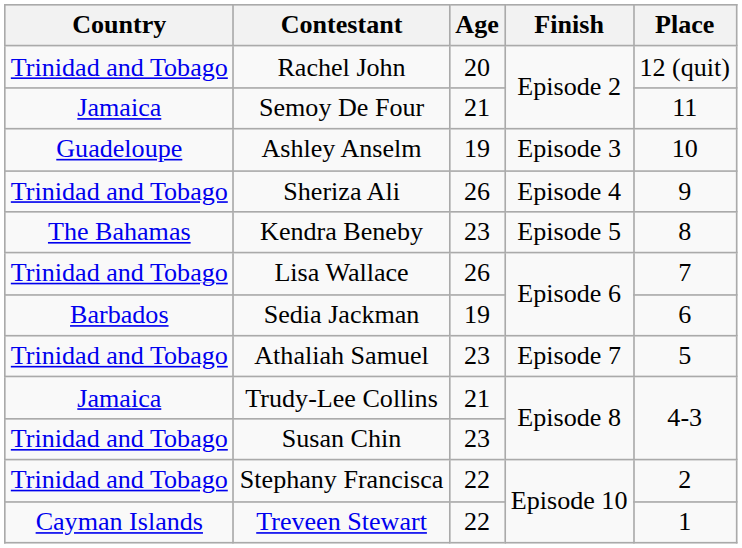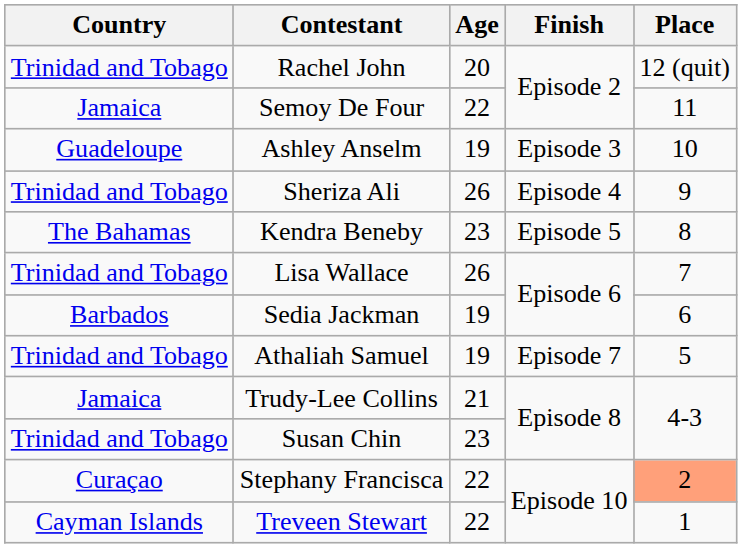 <table class="wikitable sortable" style="text-align:center;">
 <tr>
 <th>Country</th>
 <th>Contestant</th>
 <th>Age</th>
 <th>Finish</th>
 <th>Place</th>
 </tr>
 <tr>
 <td><a href='#'>Trinidad and Tobago</a></td>
 <td>Rachel John</td>
 <td>20</td>
 <td rowspan="2">Episode 2</td>
 <td>12 (quit)</td>
 </tr>
 <tr>
 <td><a href='#'>Jamaica</a></td>
 <td>Semoy De Four</td>
-<td>21</td>
+<td>22</td>
 <td>11</td>
 </tr>
 <tr>
 <td><a href='#'>Guadeloupe</a></td>
 <td>Ashley Anselm</td>
 <td>19</td>
 <td>Episode 3</td>
 <td>10</td>
 </tr>
 <tr>
 <td><a href='#'>Trinidad and Tobago</a></td>
 <td>Sheriza Ali</td>
 <td>26</td>
 <td>Episode 4</td>
 <td>9</td>
 </tr>
 <tr>
 <td><a href='#'>The Bahamas</a></td>
 <td>Kendra Beneby</td>
 <td>23</td>
 <td>Episode 5</td>
 <td>8</td>
 </tr>
 <tr>
 <td><a href='#'>Trinidad and Tobago</a></td>
 <td>Lisa Wallace</td>
 <td>26</td>
 <td rowspan=2>Episode 6</td>
 <td>7</td>
 </tr>
 <tr>
 <td><a href='#'>Barbados</a></td>
 <td>Sedia Jackman</td>
 <td>19</td>
 <td>6</td>
 </tr>
 <tr>
 <td><a href='#'>Trinidad and Tobago</a></td>
 <td>Athaliah Samuel</td>
-<td>23</td>
+<td>19</td>
 <td>Episode 7</td>
 <td>5</td>
 </tr>
 <tr>
 <td><a href='#'>Jamaica</a></td>
 <td>Trudy-Lee Collins</td>
 <td>21</td>
 <td rowspan=2>Episode 8</td>
 <td rowspan=2>4-3</td>
 </tr>
 <tr>
 <td><a href='#'>Trinidad and Tobago</a></td>
 <td>Susan Chin</td>
 <td>23</td>
 </tr>
 <tr>
-<td><a href='#'>Trinidad and Tobago</a></td>
+<td><a href='#'>Curaçao</a></td>
 <td>Stephany Francisca</td>
 <td>22</td>
 <td rowspan=2>Episode 10</td>
-<td>2</td>
+<td style="background: lightsalmon;">2</td>
 </tr>
 <tr>
 <td><a href='#'>Cayman Islands</a></td>
 <td><a href='#'>Treveen Stewart</a></td>
 <td>22</td>
 <td>1</td>
 </tr>
 </table>
